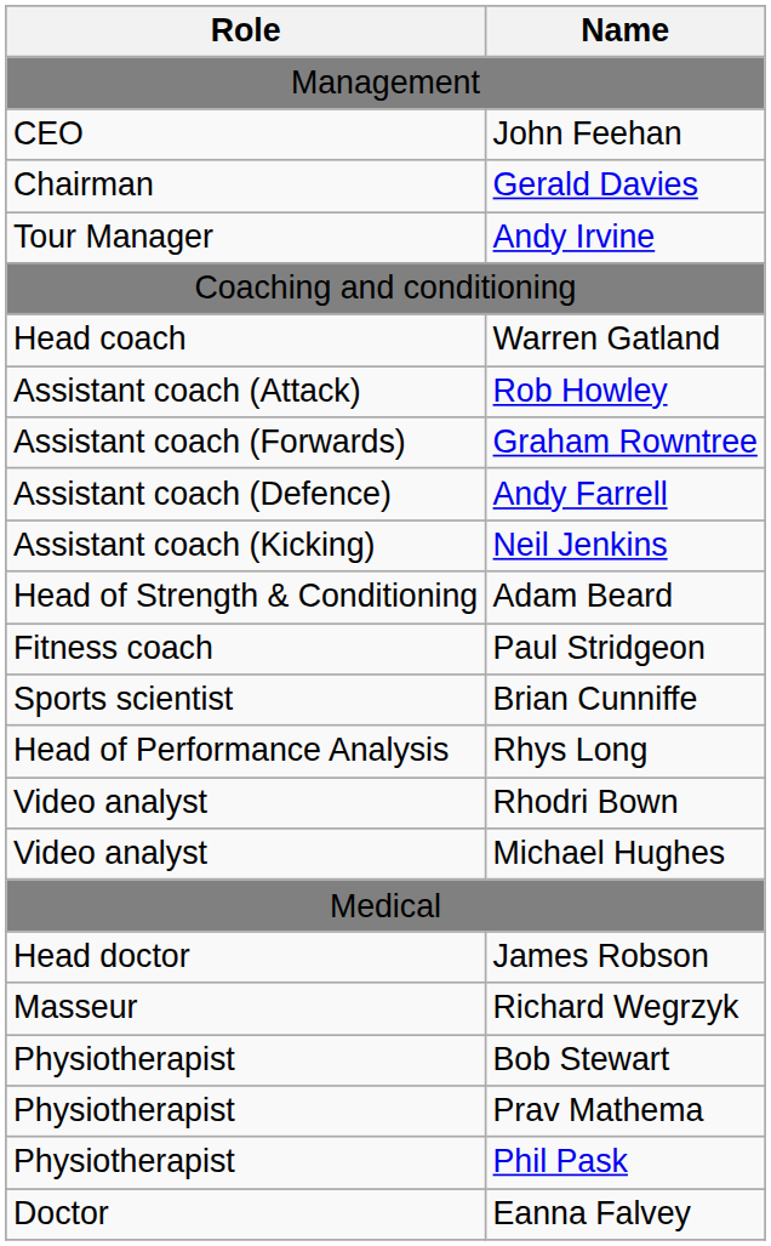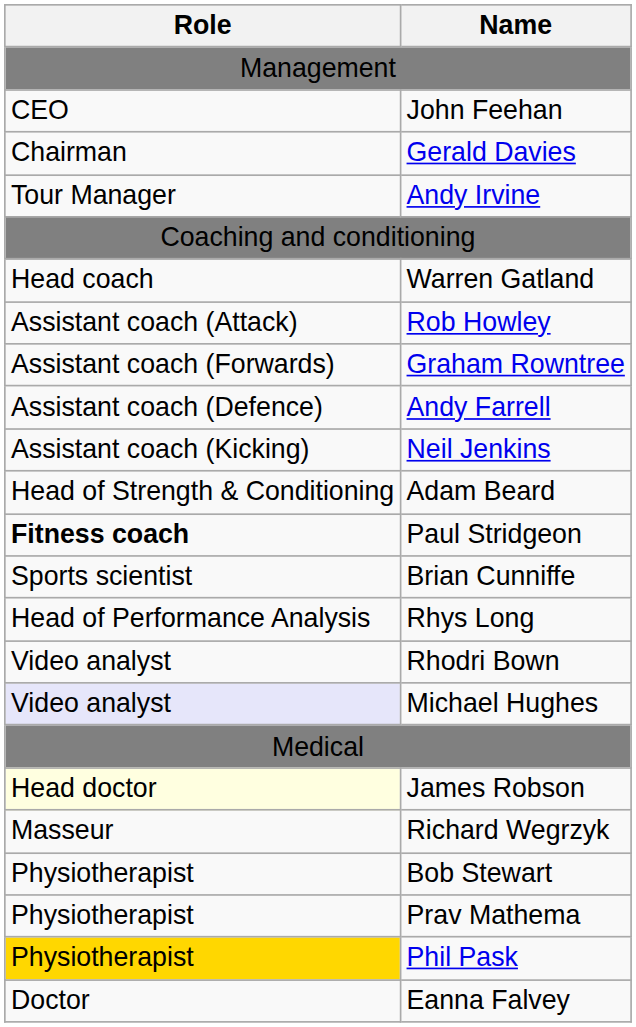 <table class="wikitable">
 <tr>
 <th>Role</th>
 <th>Name</th>
 </tr>
 <tr>
 <td style="background:gray;color:#000;text-align:center" colspan="4">Management</td>
 </tr>
 <tr>
 <td>CEO</td>
 <td>John Feehan</td>
 </tr>
 <tr>
 <td>Chairman</td>
 <td><a href='#'>Gerald Davies</a></td>
 </tr>
 <tr>
 <td>Tour Manager</td>
 <td><a href='#'>Andy Irvine</a></td>
 </tr>
 <tr>
 <td style="background:gray;color:#000;text-align:center" colspan="4">Coaching and conditioning</td>
 </tr>
 <tr>
 <td>Head coach</td>
 <td>Warren Gatland</td>
 </tr>
 <tr>
 <td>Assistant coach (Attack)</td>
 <td><a href='#'>Rob Howley</a></td>
 </tr>
 <tr>
 <td>Assistant coach (Forwards)</td>
 <td><a href='#'>Graham Rowntree</a></td>
 </tr>
 <tr>
 <td>Assistant coach (Defence)</td>
 <td><a href='#'>Andy Farrell</a></td>
 </tr>
 <tr>
 <td>Assistant coach (Kicking)</td>
 <td><a href='#'>Neil Jenkins</a></td>
 </tr>
 <tr>
 <td>Head of Strength & Conditioning</td>
 <td>Adam Beard</td>
 </tr>
 <tr>
-<td>Fitness coach</td>
+<td><strong>Fitness coach</strong></td>
 <td>Paul Stridgeon</td>
 </tr>
 <tr>
 <td>Sports scientist</td>
 <td>Brian Cunniffe</td>
 </tr>
 <tr>
 <td>Head of Performance Analysis</td>
 <td>Rhys Long</td>
 </tr>
 <tr>
 <td>Video analyst</td>
 <td>Rhodri Bown</td>
 </tr>
 <tr>
-<td>Video analyst</td>
+<td style="background: lavender;">Video analyst</td>
 <td>Michael Hughes</td>
 </tr>
 <tr>
 <td style="background:gray;color:#000;text-align:center" colspan="4">Medical</td>
 </tr>
 <tr>
-<td>Head doctor</td>
+<td style="background: lightyellow;">Head doctor</td>
 <td>James Robson</td>
 </tr>
 <tr>
 <td>Masseur</td>
 <td>Richard Wegrzyk</td>
 </tr>
 <tr>
 <td>Physiotherapist</td>
 <td>Bob Stewart</td>
 </tr>
 <tr>
 <td>Physiotherapist</td>
 <td>Prav Mathema</td>
 </tr>
 <tr>
-<td>Physiotherapist</td>
+<td style="background: gold;">Physiotherapist</td>
 <td><a href='#'>Phil Pask</a></td>
 </tr>
 <tr>
 <td>Doctor</td>
 <td>Eanna Falvey</td>
 </tr>
 </table>
